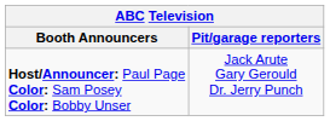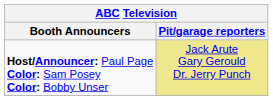 <table class="wikitable" style="font-size: 95%;">
 <tr>
 <th colspan=2><a href='#'>ABC</a> <a href='#'>Television</a></th>
 </tr>
 <tr>
 <th>Booth Announcers</th>
 <th><a href='#'>Pit/garage reporters</a></th>
 </tr>
 <tr>
 <td valign="top"><br><strong>Host/<a href='#'>Announcer</a>:</strong> <a href='#'>Paul Page</a><br> <strong><a href='#'>Color</a>:</strong> <a href='#'>Sam Posey</a><br> <strong><a href='#'>Color</a>:</strong> <a href='#'>Bobby Unser</a><br></td>
-<td align="center" valign="top"><a href='#'>Jack Arute</a><br><a href='#'>Gary Gerould</a><br><a href='#'>Dr. Jerry Punch</a></td>
+<td align="center" valign="top" style="background: khaki;"><a href='#'>Jack Arute</a><br><a href='#'>Gary Gerould</a><br><a href='#'>Dr. Jerry Punch</a></td>
 </tr>
 </table>
